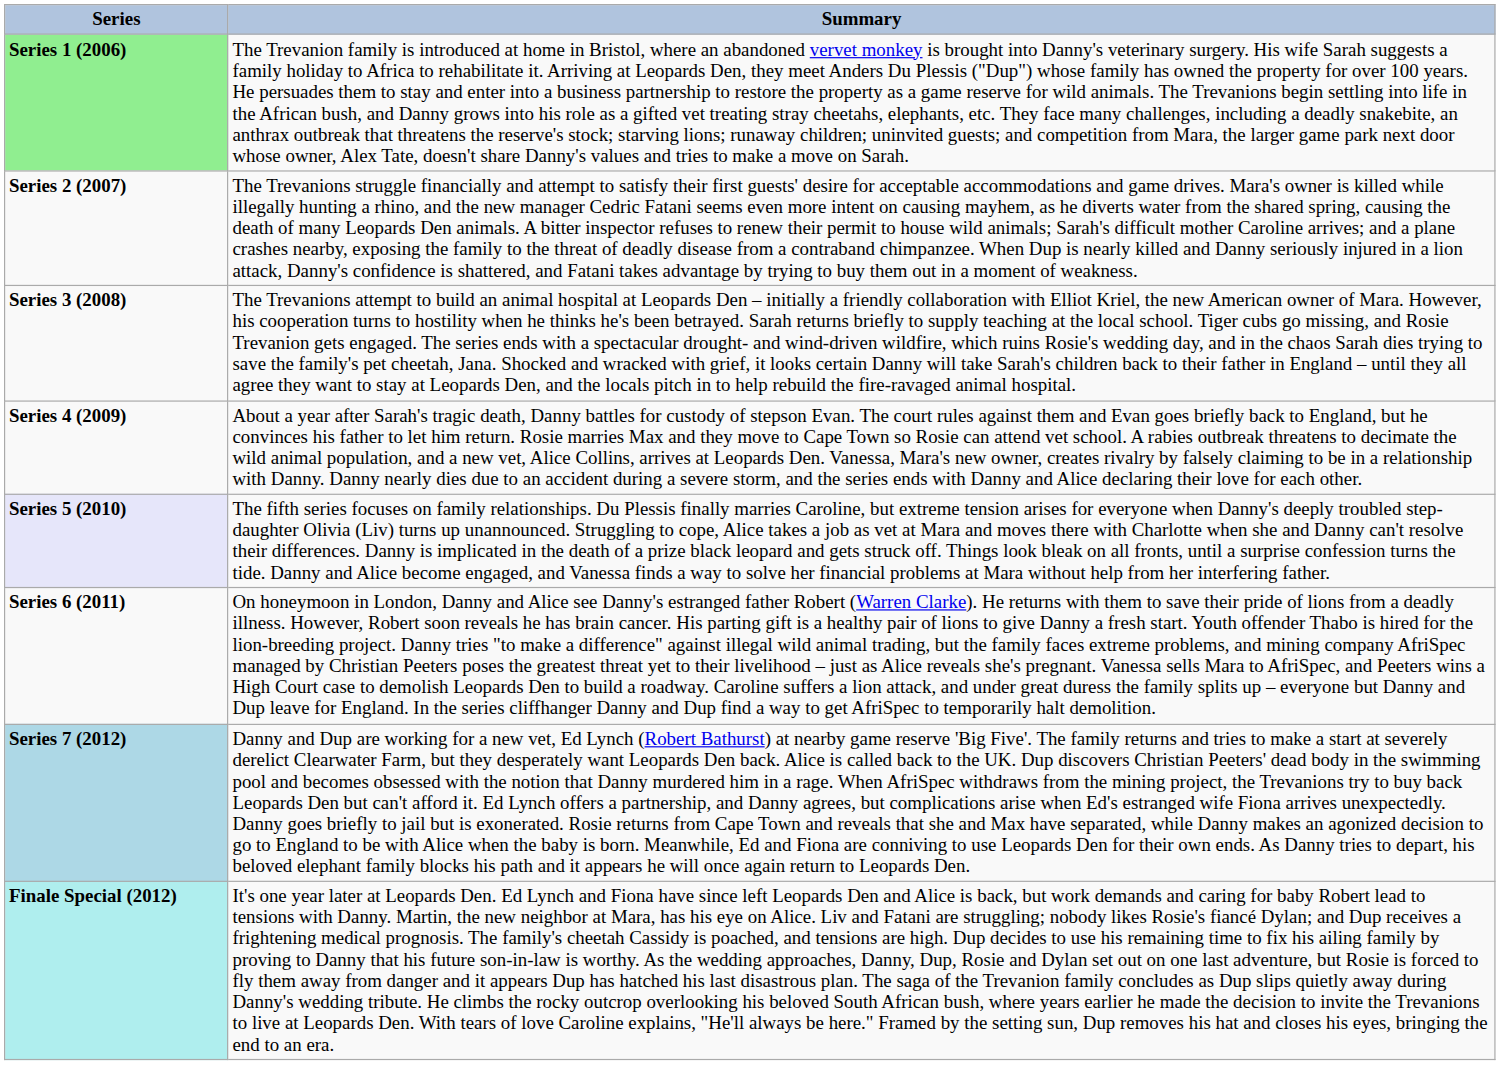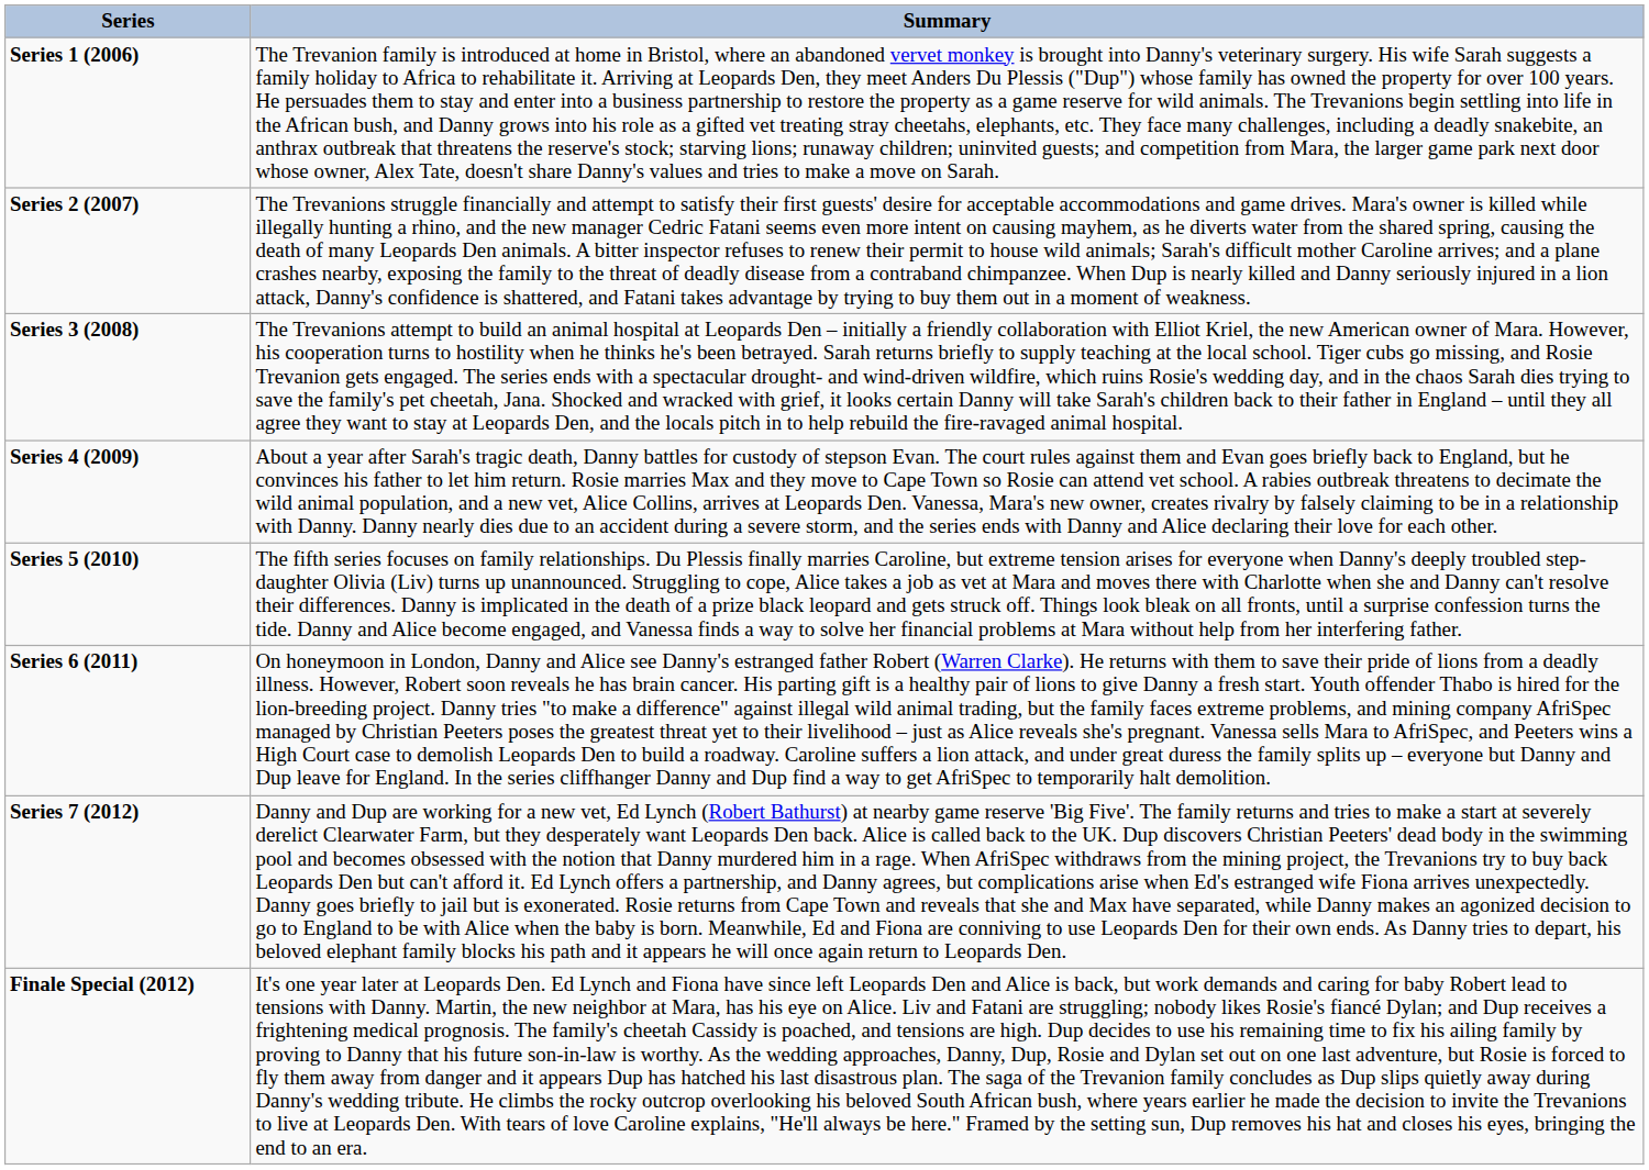 <table class="wikitable" width="100%">
 <tr>
 <th style="background:#B0C4DE;">Series</th>
 <th style="background:#B0C4DE;">Summary</th>
 </tr>
 <tr valign="top">
-<td width="15%" style="background: lightgreen;"><strong>Series 1 (2006)</strong></td>
+<td width="15%"><strong>Series 1 (2006)</strong></td>
 <td width="85%">The Trevanion family is introduced at home in Bristol, where an abandoned <a href='#'>vervet monkey</a> is brought into Danny's veterinary surgery. His wife Sarah suggests a family holiday to Africa to rehabilitate it. Arriving at Leopards Den, they meet Anders Du Plessis ("Dup") whose family has owned the property for over 100 years. He persuades them to stay and enter into a business partnership to restore the property as a game reserve for wild animals. The Trevanions begin settling into life in the African bush, and Danny grows into his role as a gifted vet treating stray cheetahs, elephants, etc. They face many challenges, including a deadly snakebite, an anthrax outbreak that threatens the reserve's stock; starving lions; runaway children; uninvited guests; and competition from Mara, the larger game park next door whose owner, Alex Tate, doesn't share Danny's values and tries to make a move on Sarah.</td>
 </tr>
 <tr valign="top">
 <td><strong>Series 2 (2007)</strong></td>
 <td>The Trevanions struggle financially and attempt to satisfy their first guests' desire for acceptable accommodations and game drives. Mara's owner is killed while illegally hunting a rhino, and the new manager Cedric Fatani seems even more intent on causing mayhem, as he diverts water from the shared spring, causing the death of many Leopards Den animals. A bitter inspector refuses to renew their permit to house wild animals; Sarah's difficult mother Caroline arrives; and a plane crashes nearby, exposing the family to the threat of deadly disease from a contraband chimpanzee. When Dup is nearly killed and Danny seriously injured in a lion attack, Danny's confidence is shattered, and Fatani takes advantage by trying to buy them out in a moment of weakness.</td>
 </tr>
 <tr valign="top">
 <td><strong>Series 3 (2008)</strong></td>
 <td>The Trevanions attempt to build an animal hospital at Leopards Den – initially a friendly collaboration with Elliot Kriel, the new American owner of Mara. However, his cooperation turns to hostility when he thinks he's been betrayed. Sarah returns briefly to supply teaching at the local school. Tiger cubs go missing, and Rosie Trevanion gets engaged. The series ends with a spectacular drought- and wind-driven wildfire, which ruins Rosie's wedding day, and in the chaos Sarah dies trying to save the family's pet cheetah, Jana. Shocked and wracked with grief, it looks certain Danny will take Sarah's children back to their father in England – until they all agree they want to stay at Leopards Den, and the locals pitch in to help rebuild the fire-ravaged animal hospital.</td>
 </tr>
 <tr valign="top">
 <td><strong>Series 4 (2009)</strong></td>
 <td>About a year after Sarah's tragic death, Danny battles for custody of stepson Evan. The court rules against them and Evan goes briefly back to England, but he convinces his father to let him return. Rosie marries Max and they move to Cape Town so Rosie can attend vet school. A rabies outbreak threatens to decimate the wild animal population, and a new vet, Alice Collins, arrives at Leopards Den. Vanessa, Mara's new owner, creates rivalry by falsely claiming to be in a relationship with Danny. Danny nearly dies due to an accident during a severe storm, and the series ends with Danny and Alice declaring their love for each other.</td>
 </tr>
 <tr valign="top">
-<td style="background: lavender;"><strong>Series 5 (2010)</strong></td>
+<td><strong>Series 5 (2010)</strong></td>
 <td>The fifth series focuses on family relationships. Du Plessis finally marries Caroline, but extreme tension arises for everyone when Danny's deeply troubled step-daughter Olivia (Liv) turns up unannounced. Struggling to cope, Alice takes a job as vet at Mara and moves there with Charlotte when she and Danny can't resolve their differences. Danny is implicated in the death of a prize black leopard and gets struck off. Things look bleak on all fronts, until a surprise confession turns the tide. Danny and Alice become engaged, and Vanessa finds a way to solve her financial problems at Mara without help from her interfering father.</td>
 </tr>
 <tr valign="top">
 <td><strong>Series 6 (2011)</strong></td>
 <td>On honeymoon in London, Danny and Alice see Danny's estranged father Robert (<a href='#'>Warren Clarke</a>). He returns with them to save their pride of lions from a deadly illness. However, Robert soon reveals he has brain cancer. His parting gift is a healthy pair of lions to give Danny a fresh start. Youth offender Thabo is hired for the lion-breeding project. Danny tries "to make a difference" against illegal wild animal trading, but the family faces extreme problems, and mining company AfriSpec managed by Christian Peeters poses the greatest threat yet to their livelihood – just as Alice reveals she's pregnant. Vanessa sells Mara to AfriSpec, and Peeters wins a High Court case to demolish Leopards Den to build a roadway. Caroline suffers a lion attack, and under great duress the family splits up – everyone but Danny and Dup leave for England. In the series cliffhanger Danny and Dup find a way to get AfriSpec to temporarily halt demolition.</td>
 </tr>
 <tr valign="top">
-<td style="background: lightblue;"><strong>Series 7 (2012)</strong></td>
+<td><strong>Series 7 (2012)</strong></td>
 <td>Danny and Dup are working for a new vet, Ed Lynch (<a href='#'>Robert Bathurst</a>) at nearby game reserve 'Big Five'. The family returns and tries to make a start at severely derelict Clearwater Farm, but they desperately want Leopards Den back. Alice is called back to the UK. Dup discovers Christian Peeters' dead body in the swimming pool and becomes obsessed with the notion that Danny murdered him in a rage. When AfriSpec withdraws from the mining project, the Trevanions try to buy back Leopards Den but can't afford it. Ed Lynch offers a partnership, and Danny agrees, but complications arise when Ed's estranged wife Fiona arrives unexpectedly. Danny goes briefly to jail but is exonerated. Rosie returns from Cape Town and reveals that she and Max have separated, while Danny makes an agonized decision to go to England to be with Alice when the baby is born. Meanwhile, Ed and Fiona are conniving to use Leopards Den for their own ends. As Danny tries to depart, his beloved elephant family blocks his path and it appears he will once again return to Leopards Den.</td>
 </tr>
 <tr valign="top">
-<td style="background: paleturquoise;"><strong>Finale Special (2012)</strong></td>
+<td><strong>Finale Special (2012)</strong></td>
 <td>It's one year later at Leopards Den. Ed Lynch and Fiona have since left Leopards Den and Alice is back, but work demands and caring for baby Robert lead to tensions with Danny. Martin, the new neighbor at Mara, has his eye on Alice. Liv and Fatani are struggling; nobody likes Rosie's fiancé Dylan; and Dup receives a frightening medical prognosis. The family's cheetah Cassidy is poached, and tensions are high. Dup decides to use his remaining time to fix his ailing family by proving to Danny that his future son-in-law is worthy. As the wedding approaches, Danny, Dup, Rosie and Dylan set out on one last adventure, but Rosie is forced to fly them away from danger and it appears Dup has hatched his last disastrous plan. The saga of the Trevanion family concludes as Dup slips quietly away during Danny's wedding tribute. He climbs the rocky outcrop overlooking his beloved South African bush, where years earlier he made the decision to invite the Trevanions to live at Leopards Den. With tears of love Caroline explains, "He'll always be here." Framed by the setting sun, Dup removes his hat and closes his eyes, bringing the end to an era.</td>
 </tr>
 </table>
